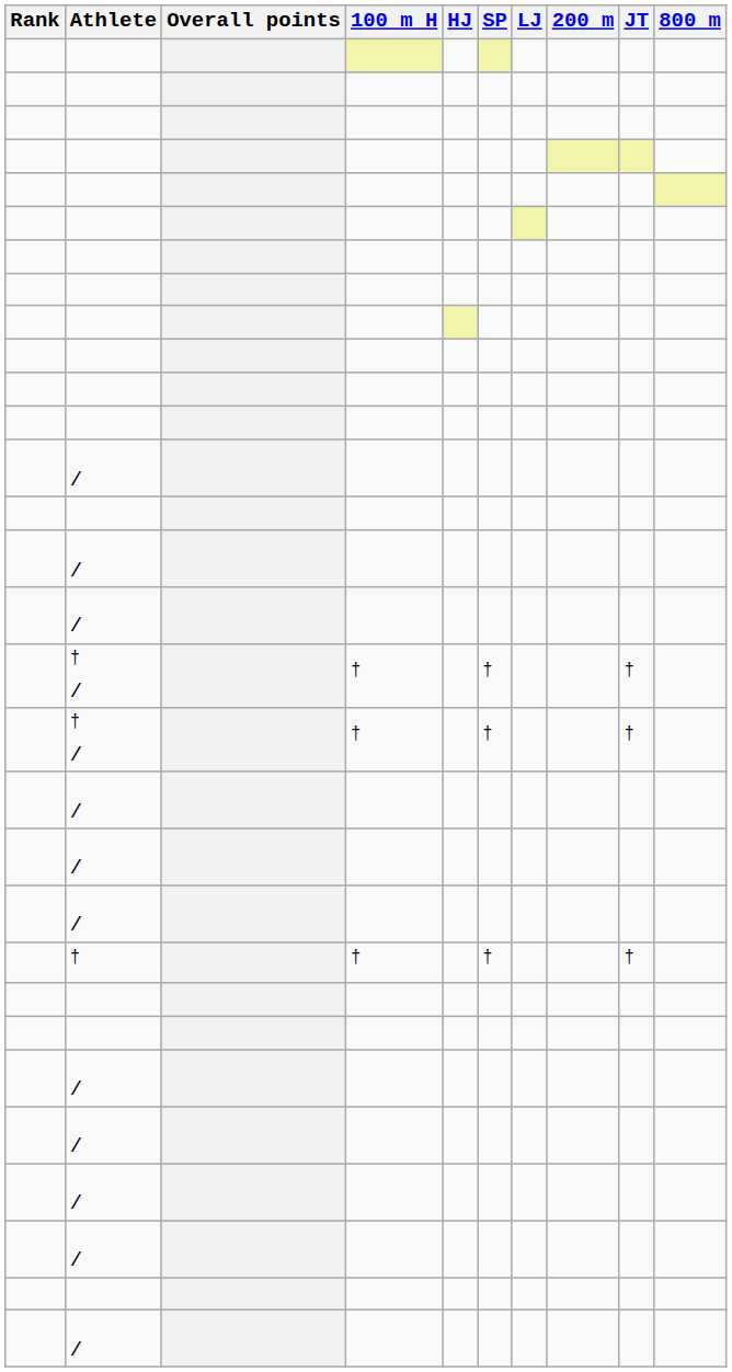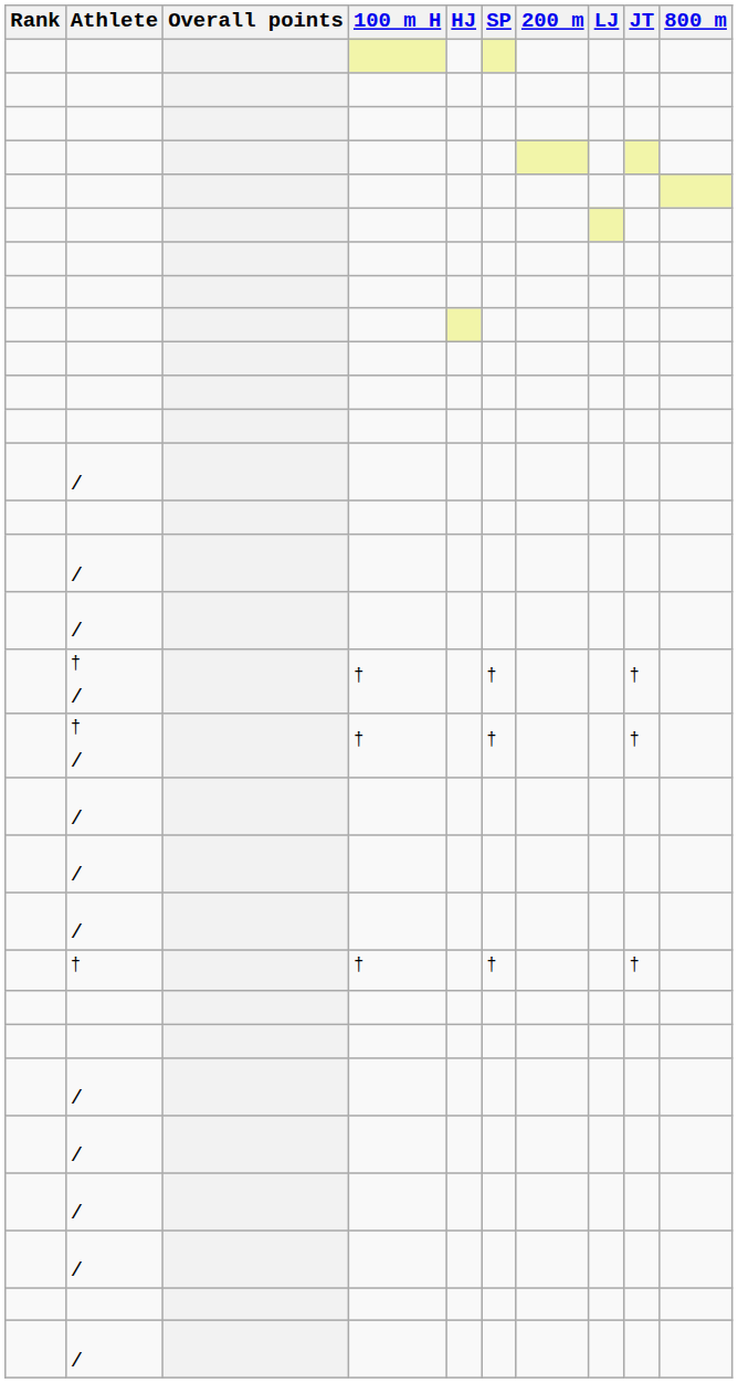 <table class="wikitable sortable" style="font-size:95%;">
 <tr>
 <th>Rank</th>
 <th>Athlete</th>
 <th>Overall points</th>
 <th><a href='#'>100 m H</a></th>
 <th><a href='#'>HJ</a></th>
 <th><a href='#'>SP</a></th>
+<th><a href='#'>200 m</a></th>
 <th><a href='#'>LJ</a></th>
-<th><a href='#'>200 m</a></th>
 <th><a href='#'>JT</a></th>
 <th><a href='#'>800 m</a></th>
 </tr>
 <tr>
 <td align=center></td>
 <td align=left> <br></td>
 <th></th>
 <td bgcolor=#F2F5A9></td>
 <td></td>
 <td bgcolor=#F2F5A9></td>
 <td></td>
 <td></td>
 <td></td>
 <td></td>
 </tr>
 <tr>
 <td align=center></td>
 <td align=left> <br></td>
 <th></th>
 <td></td>
 <td></td>
 <td></td>
 <td></td>
 <td></td>
 <td></td>
 <td></td>
 </tr>
 <tr>
 <td align=center></td>
 <td align=left> <br></td>
 <th></th>
 <td></td>
 <td></td>
 <td></td>
 <td></td>
 <td></td>
 <td></td>
 <td></td>
 </tr>
 <tr>
 <td align=center></td>
 <td align=left> <br></td>
 <th></th>
 <td></td>
 <td></td>
 <td></td>
+<td bgcolor=#F2F5A9></td>
 <td></td>
-<td bgcolor=#F2F5A9></td>
 <td bgcolor=#F2F5A9></td>
 <td></td>
 </tr>
 <tr>
 <td align=center></td>
 <td align=left> <br></td>
 <th></th>
 <td></td>
 <td></td>
 <td></td>
 <td></td>
 <td></td>
 <td></td>
 <td bgcolor=#F2F5A9></td>
 </tr>
 <tr>
 <td align=center></td>
 <td align=left> <br></td>
 <th></th>
 <td></td>
 <td></td>
 <td></td>
+<td></td>
 <td bgcolor=#F2F5A9></td>
-<td></td>
 <td></td>
 <td></td>
 </tr>
 <tr>
 <td align=center></td>
 <td align=left> <br></td>
 <th></th>
 <td></td>
 <td></td>
 <td></td>
 <td></td>
 <td></td>
 <td></td>
 <td></td>
 </tr>
 <tr>
 <td align=center></td>
 <td align=left> <br></td>
 <th></th>
 <td></td>
 <td></td>
 <td></td>
 <td></td>
 <td></td>
 <td></td>
 <td></td>
 </tr>
 <tr>
 <td align=center></td>
 <td align=left> <br></td>
 <th></th>
 <td></td>
 <td bgcolor=#F2F5A9></td>
 <td></td>
 <td></td>
 <td></td>
 <td></td>
 <td></td>
 </tr>
 <tr>
 <td align=center></td>
 <td align=left> <br></td>
 <th></th>
 <td></td>
 <td></td>
 <td></td>
 <td></td>
 <td></td>
 <td></td>
 <td></td>
 </tr>
 <tr>
 <td align=center></td>
 <td align=left> <br></td>
 <th></th>
 <td></td>
 <td></td>
 <td></td>
 <td></td>
 <td></td>
 <td></td>
 <td></td>
 </tr>
 <tr>
 <td align=center></td>
 <td align=left> <br></td>
 <th></th>
 <td></td>
 <td></td>
 <td></td>
 <td></td>
 <td></td>
 <td></td>
 <td></td>
 </tr>
 <tr>
 <td align=center></td>
 <td align=left> <br>/</td>
 <th></th>
 <td></td>
 <td></td>
 <td></td>
 <td></td>
 <td></td>
 <td></td>
 <td></td>
 </tr>
 <tr>
 <td align=center></td>
 <td align=left> <br></td>
 <th></th>
 <td></td>
 <td></td>
 <td></td>
 <td></td>
 <td></td>
 <td></td>
 <td></td>
 </tr>
 <tr>
 <td align=center></td>
 <td align=left> <br>/</td>
 <th></th>
 <td></td>
 <td></td>
 <td></td>
 <td></td>
 <td></td>
 <td></td>
 <td></td>
 </tr>
 <tr>
 <td align=center></td>
 <td align=left> <br>/</td>
 <th></th>
 <td></td>
 <td></td>
 <td></td>
 <td></td>
 <td></td>
 <td></td>
 <td></td>
 </tr>
 <tr>
 <td align=center></td>
 <td align=left><sup>†</sup> <br>/</td>
 <th></th>
 <td><sup>†</sup></td>
 <td></td>
 <td><sup>†</sup></td>
 <td></td>
 <td></td>
 <td><sup>†</sup></td>
 <td></td>
 </tr>
 <tr>
 <td align=center></td>
 <td align=left><sup>†</sup> <br>/</td>
 <th></th>
 <td><sup>†</sup></td>
 <td></td>
 <td><sup>†</sup></td>
 <td></td>
 <td></td>
 <td><sup>†</sup></td>
 <td></td>
 </tr>
 <tr>
 <td align=center></td>
 <td align=left> <br>/</td>
 <th></th>
 <td></td>
 <td></td>
 <td></td>
 <td></td>
 <td></td>
 <td></td>
 <td></td>
 </tr>
 <tr>
 <td align=center></td>
 <td align=left> <br>/</td>
 <th></th>
 <td></td>
 <td></td>
 <td></td>
 <td></td>
 <td></td>
 <td></td>
 <td></td>
 </tr>
 <tr>
 <td align=center></td>
 <td align=left> <br>/</td>
 <th></th>
 <td></td>
 <td></td>
 <td></td>
 <td></td>
 <td></td>
 <td></td>
 <td></td>
 </tr>
 <tr>
 <td align=center></td>
 <td align=left><sup>†</sup> <br></td>
 <th></th>
 <td><sup>†</sup></td>
 <td></td>
 <td><sup>†</sup></td>
 <td></td>
 <td></td>
 <td><sup>†</sup></td>
 <td></td>
 </tr>
 <tr>
 <td align=center></td>
 <td align=left> <br></td>
 <th></th>
 <td></td>
 <td></td>
 <td></td>
 <td></td>
 <td></td>
 <td></td>
 <td></td>
 </tr>
 <tr>
 <td align=center></td>
 <td align=left> <br></td>
 <th></th>
 <td></td>
 <td></td>
 <td></td>
 <td></td>
 <td></td>
 <td></td>
 <td></td>
 </tr>
 <tr>
 <td align=center></td>
 <td align=left> <br>/</td>
 <th></th>
 <td></td>
 <td></td>
 <td></td>
 <td></td>
 <td></td>
 <td></td>
 <td></td>
 </tr>
 <tr>
 <td align=center></td>
 <td align=left> <br>/</td>
 <th></th>
 <td></td>
 <td></td>
 <td></td>
 <td></td>
 <td></td>
 <td></td>
 <td></td>
 </tr>
 <tr>
 <td align=center></td>
 <td align=left> <br>/</td>
 <th></th>
 <td></td>
 <td></td>
 <td></td>
 <td></td>
 <td></td>
 <td></td>
 <td></td>
 </tr>
 <tr>
 <td align=center></td>
 <td align=left> <br>/</td>
 <th></th>
 <td></td>
 <td></td>
 <td></td>
 <td></td>
 <td></td>
 <td></td>
 <td></td>
 </tr>
 <tr>
 <td align=center></td>
 <td align=left> <br></td>
 <th></th>
 <td></td>
 <td></td>
 <td></td>
 <td></td>
 <td></td>
 <td></td>
 <td></td>
 </tr>
 <tr>
 <td align=center></td>
 <td align=left> <br>/</td>
 <th></th>
 <td></td>
 <td></td>
 <td></td>
 <td></td>
 <td></td>
 <td></td>
 <td></td>
 </tr>
 </table>
